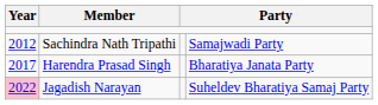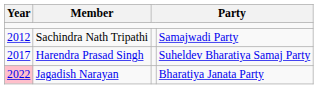 <table class="wikitable">
 <tr>
 <th>Year</th>
 <th>Member</th>
 <th colspan="2">Party</th>
 </tr>
 <tr>
 <td colspan="4"></td>
 </tr>
 <tr>
 <td><a href='#'>2012</a></td>
 <td>Sachindra Nath Tripathi</td>
 <td style="background-color: "></td>
 <td><a href='#'>Samajwadi Party</a></td>
 </tr>
 <tr>
 <td><a href='#'>2017</a></td>
 <td><a href='#'>Harendra Prasad Singh</a></td>
 <td style="background-color: "></td>
-<td><a href='#'>Bharatiya Janata Party</a></td>
+<td><a href='#'>Suheldev Bharatiya Samaj Party</a></td>
 </tr>
 <tr>
 <td style="background: pink;"><a href='#'>2022</a></td>
 <td><a href='#'>Jagadish Narayan</a></td>
 <td style="background-color: "></td>
-<td><a href='#'>Suheldev Bharatiya Samaj Party</a></td>
+<td><a href='#'>Bharatiya Janata Party</a></td>
 </tr>
 </table>
